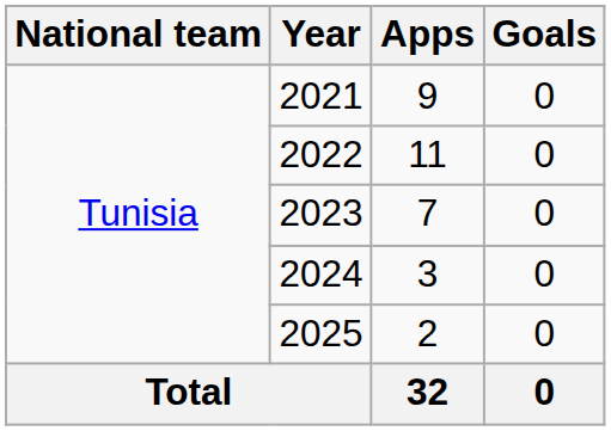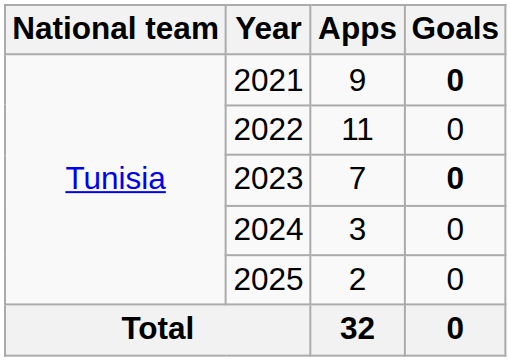 <table class=wikitable style=text-align:center>
 <tr>
 <th>National team</th>
 <th>Year</th>
 <th>Apps</th>
 <th>Goals</th>
 </tr>
 <tr>
 <td rowspan=5><a href='#'>Tunisia</a></td>
 <td>2021</td>
 <td>9</td>
-<td>0</td>
+<td><strong>0</strong></td>
 </tr>
 <tr>
 <td>2022</td>
 <td>11</td>
 <td>0</td>
 </tr>
 <tr>
 <td>2023</td>
 <td>7</td>
-<td>0</td>
+<td><strong>0</strong></td>
 </tr>
 <tr>
 <td>2024</td>
 <td>3</td>
 <td>0</td>
 </tr>
 <tr>
 <td>2025</td>
 <td>2</td>
 <td>0</td>
 </tr>
 <tr>
 <th colspan=2>Total</th>
 <th>32</th>
 <th>0</th>
 </tr>
 </table>
